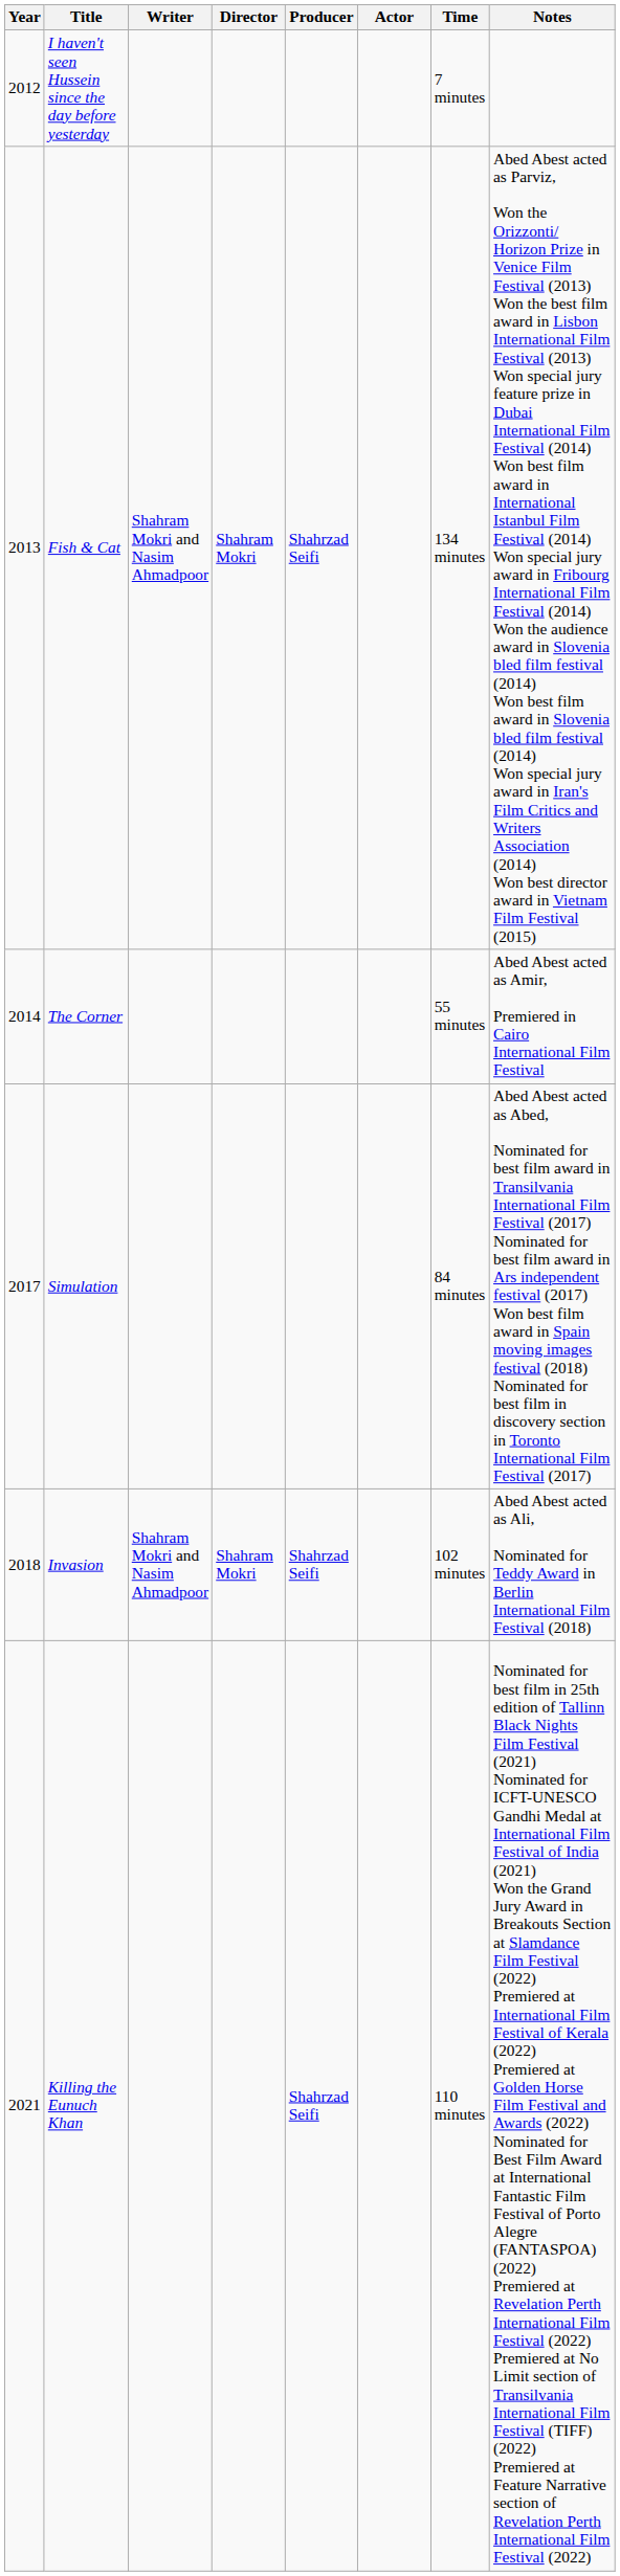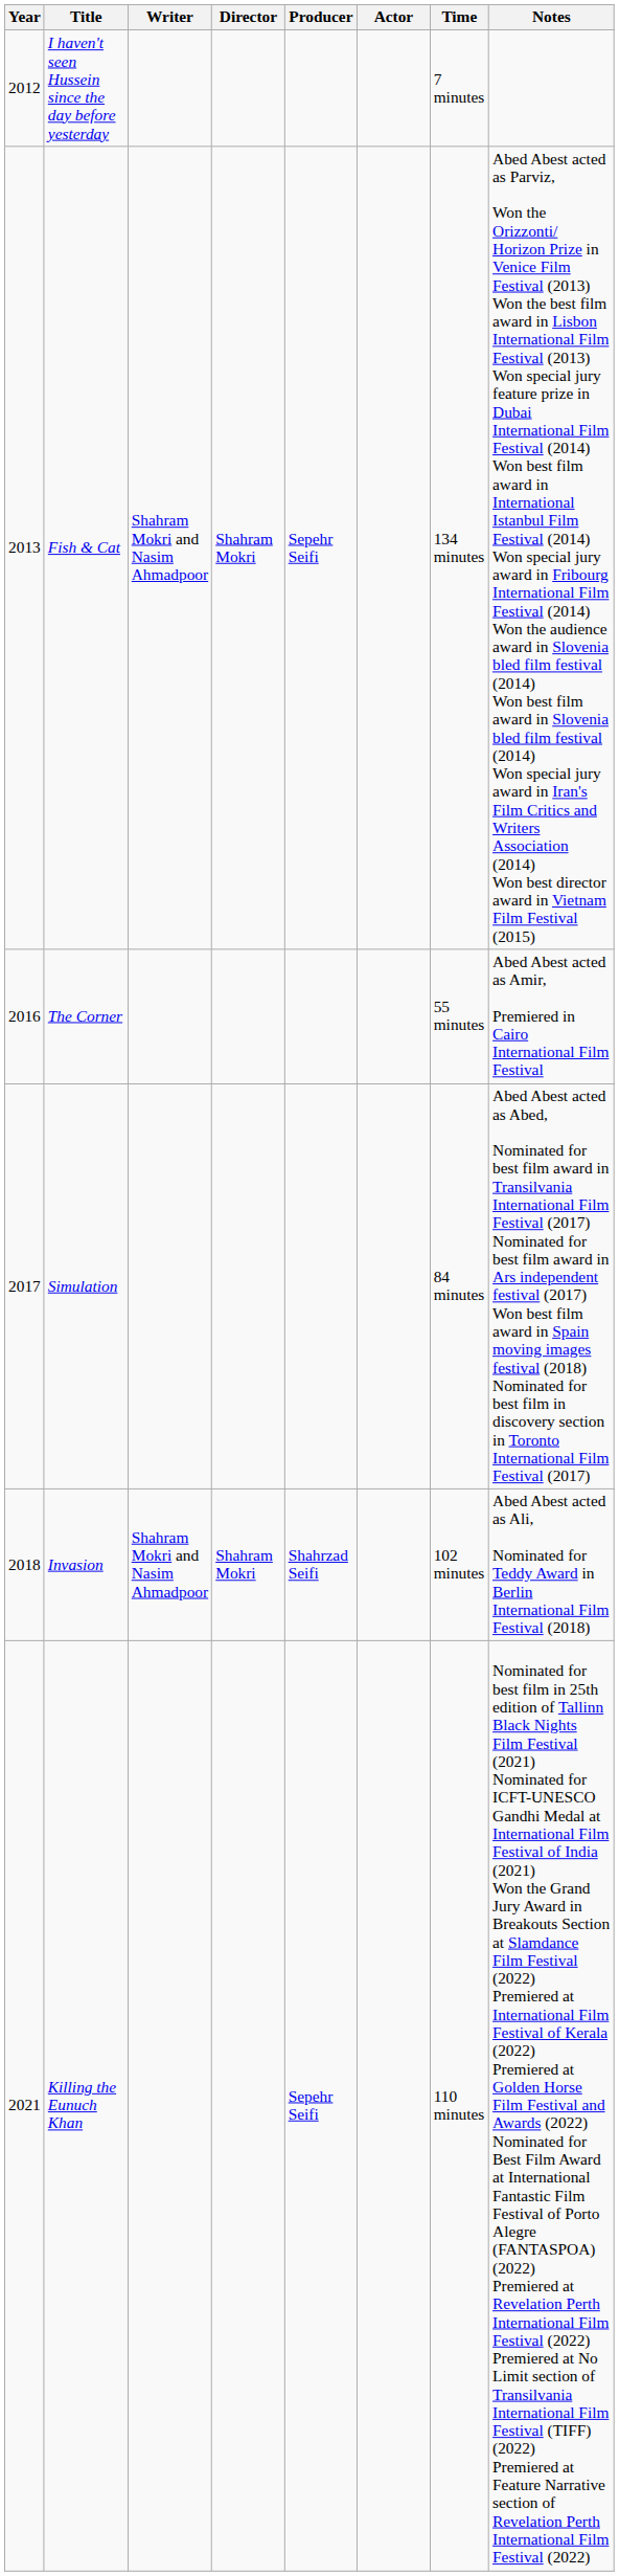 <table class="wikitable">
 <tr>
 <th>Year</th>
 <th>Title</th>
 <th width=65>Writer</th>
 <th width=65>Director</th>
 <th width=65>Producer</th>
 <th width=65>Actor</th>
 <th>Time</th>
 <th>Notes</th>
 </tr>
 <tr>
 <td>2012</td>
 <td><em><a href='#'>I haven't seen Hussein since the day before yesterday</a></em></td>
 <td></td>
 <td></td>
 <td></td>
 <td></td>
 <td>7 minutes</td>
 <td></td>
 </tr>
 <tr>
 <td>2013</td>
 <td><em><a href='#'>Fish & Cat</a></em></td>
 <td><a href='#'>Shahram Mokri</a> and <a href='#'>Nasim Ahmadpoor</a></td>
 <td><a href='#'>Shahram Mokri</a></td>
-<td><a href='#'>Shahrzad Seifi</a></td>
+<td><a href='#'>Sepehr Seifi</a></td>
 <td></td>
 <td>134 minutes</td>
 <td>Abed Abest acted as Parviz,<br><br>Won the <a href='#'>Orizzonti/ Horizon Prize</a> in <a href='#'>Venice Film Festival</a> (2013)  <br> Won the best film award in <a href='#'>Lisbon International Film Festival</a> (2013) <br> Won special jury feature prize in <a href='#'>Dubai International Film Festival</a> (2014)<br> Won best film award in <a href='#'>International Istanbul Film Festival</a> (2014)  <br> Won special jury award in <a href='#'>Fribourg International Film Festival</a> (2014) <br> Won the audience award in <a href='#'>Slovenia bled film festival</a> (2014) <br> Won best film award in <a href='#'>Slovenia bled film festival</a> (2014)  <br> Won special jury award in <a href='#'>Iran's Film Critics and Writers Association</a> (2014)<br> Won best director award in <a href='#'>Vietnam Film Festival</a> (2015) <br></td>
 </tr>
 <tr>
-<td>2014</td>
+<td>2016</td>
 <td><em><a href='#'>The Corner</a></em></td>
 <td></td>
 <td></td>
 <td></td>
 <td></td>
 <td>55 minutes</td>
 <td>Abed Abest acted as Amir,<br><br>Premiered in <a href='#'>Cairo International Film Festival</a><br></td>
 </tr>
 <tr>
 <td>2017</td>
 <td><em><a href='#'>Simulation</a></em></td>
 <td></td>
 <td></td>
 <td></td>
 <td></td>
 <td>84 minutes</td>
 <td>Abed Abest acted as Abed,<br><br>Nominated for best film award in <a href='#'>Transilvania International Film Festival</a> (2017)  <br> Nominated for best film award in <a href='#'>Ars independent festival</a> (2017) <br> Won best film award in <a href='#'>Spain moving images festival</a> (2018)  <br> Nominated for best film in discovery section in <a href='#'>Toronto International Film Festival</a> (2017) </td>
 </tr>
 <tr>
 <td>2018</td>
 <td><em><a href='#'>Invasion</a></em></td>
 <td><a href='#'>Shahram Mokri</a> and <a href='#'>Nasim Ahmadpoor</a></td>
 <td><a href='#'>Shahram Mokri</a></td>
 <td><a href='#'>Shahrzad Seifi</a></td>
 <td></td>
 <td>102 minutes</td>
 <td>Abed Abest acted as Ali,<br><br>Nominated for <a href='#'>Teddy Award</a> in <a href='#'>Berlin International Film Festival</a> (2018) </td>
 </tr>
 <tr>
 <td>2021</td>
 <td><em><a href='#'>Killing the Eunuch Khan</a></em></td>
 <td></td>
 <td></td>
-<td><a href='#'>Shahrzad Seifi</a></td>
+<td><a href='#'>Sepehr Seifi</a></td>
 <td></td>
 <td>110 minutes</td>
 <td><br>Nominated for best film in 25th edition of <a href='#'>Tallinn Black Nights Film Festival</a> (2021) <br> Nominated for ICFT-UNESCO Gandhi Medal at <a href='#'>International Film Festival of India</a> (2021)<br>Won the Grand Jury Award in Breakouts Section at <a href='#'>Slamdance Film Festival</a> (2022)<br>Premiered at <a href='#'>International Film Festival of Kerala</a> (2022)<br>Premiered at <a href='#'>Golden Horse Film Festival and Awards</a> (2022)<br>Nominated for Best Film Award at International Fantastic Film Festival of Porto Alegre (FANTASPOA) (2022)<br>Premiered at <a href='#'>Revelation Perth International Film Festival</a> (2022)<br>Premiered at No Limit section of <a href='#'>Transilvania International Film Festival</a> (TIFF) (2022)<br>Premiered at Feature Narrative section of <a href='#'>Revelation Perth International Film Festival</a> (2022)</td>
 </tr>
 </table>
